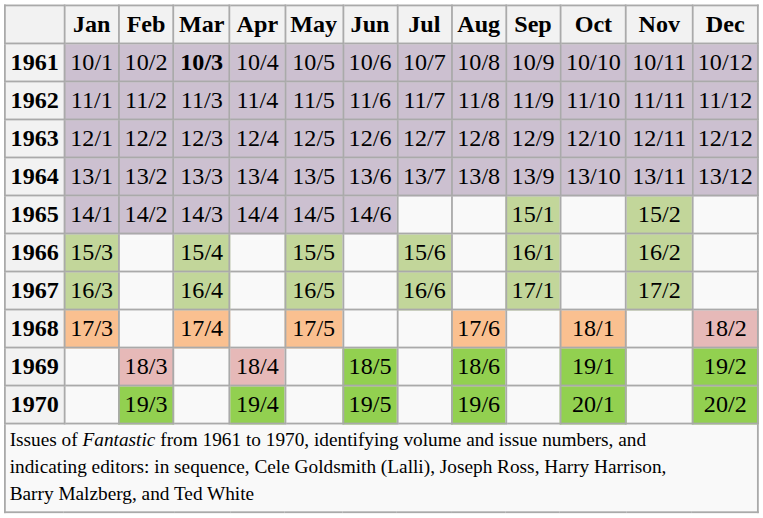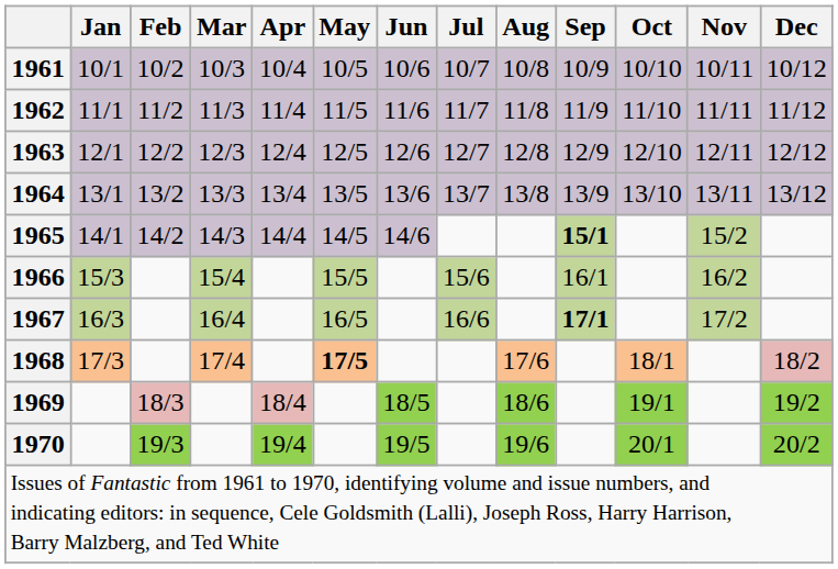 <table class="wikitable" style="font-size: 10pt; line-height: 11pt; margin-right: 2em; text-align: center; float: left">
 <tr>
 <th></th>
 <th>Jan</th>
 <th>Feb</th>
 <th>Mar</th>
 <th>Apr</th>
 <th>May</th>
 <th>Jun</th>
 <th>Jul</th>
 <th>Aug</th>
 <th>Sep</th>
 <th>Oct</th>
 <th>Nov</th>
 <th>Dec</th>
 </tr>
 <tr>
 <th>1961</th>
 <td bgcolor=#ccc0d0>10/1</td>
 <td bgcolor=#ccc0d0>10/2</td>
-<td bgcolor=#ccc0d0><strong>10/3</strong></td>
+<td bgcolor=#ccc0d0>10/3</td>
 <td bgcolor=#ccc0d0>10/4</td>
 <td bgcolor=#ccc0d0>10/5</td>
 <td bgcolor=#ccc0d0>10/6</td>
 <td bgcolor=#ccc0d0>10/7</td>
 <td bgcolor=#ccc0d0>10/8</td>
 <td bgcolor=#ccc0d0>10/9</td>
 <td bgcolor=#ccc0d0>10/10</td>
 <td bgcolor=#ccc0d0>10/11</td>
 <td bgcolor=#ccc0d0>10/12</td>
 </tr>
 <tr>
 <th>1962</th>
 <td bgcolor=#ccc0d0>11/1</td>
 <td bgcolor=#ccc0d0>11/2</td>
 <td bgcolor=#ccc0d0>11/3</td>
 <td bgcolor=#ccc0d0>11/4</td>
 <td bgcolor=#ccc0d0>11/5</td>
 <td bgcolor=#ccc0d0>11/6</td>
 <td bgcolor=#ccc0d0>11/7</td>
 <td bgcolor=#ccc0d0>11/8</td>
 <td bgcolor=#ccc0d0>11/9</td>
 <td bgcolor=#ccc0d0>11/10</td>
 <td bgcolor=#ccc0d0>11/11</td>
 <td bgcolor=#ccc0d0>11/12</td>
 </tr>
 <tr>
 <th>1963</th>
 <td bgcolor=#ccc0d0>12/1</td>
 <td bgcolor=#ccc0d0>12/2</td>
 <td bgcolor=#ccc0d0>12/3</td>
 <td bgcolor=#ccc0d0>12/4</td>
 <td bgcolor=#ccc0d0>12/5</td>
 <td bgcolor=#ccc0d0>12/6</td>
 <td bgcolor=#ccc0d0>12/7</td>
 <td bgcolor=#ccc0d0>12/8</td>
 <td bgcolor=#ccc0d0>12/9</td>
 <td bgcolor=#ccc0d0>12/10</td>
 <td bgcolor=#ccc0d0>12/11</td>
 <td bgcolor=#ccc0d0>12/12</td>
 </tr>
 <tr>
 <th>1964</th>
 <td bgcolor=#ccc0d0>13/1</td>
 <td bgcolor=#ccc0d0>13/2</td>
 <td bgcolor=#ccc0d0>13/3</td>
 <td bgcolor=#ccc0d0>13/4</td>
 <td bgcolor=#ccc0d0>13/5</td>
 <td bgcolor=#ccc0d0>13/6</td>
 <td bgcolor=#ccc0d0>13/7</td>
 <td bgcolor=#ccc0d0>13/8</td>
 <td bgcolor=#ccc0d0>13/9</td>
 <td bgcolor=#ccc0d0>13/10</td>
 <td bgcolor=#ccc0d0>13/11</td>
 <td bgcolor=#ccc0d0>13/12</td>
 </tr>
 <tr>
 <th>1965</th>
 <td bgcolor=#ccc0d0>14/1</td>
 <td bgcolor=#ccc0d0>14/2</td>
 <td bgcolor=#ccc0d0>14/3</td>
 <td bgcolor=#ccc0d0>14/4</td>
 <td bgcolor=#ccc0d0>14/5</td>
 <td bgcolor=#ccc0d0>14/6</td>
 <td></td>
 <td></td>
-<td bgcolor=#c2d69a>15/1</td>
+<td bgcolor=#c2d69a><strong>15/1</strong></td>
 <td></td>
 <td bgcolor=#c2d69a>15/2</td>
 <td></td>
 </tr>
 <tr>
 <th>1966</th>
 <td bgcolor=#c2d69a>15/3</td>
 <td></td>
 <td bgcolor=#c2d69a>15/4</td>
 <td></td>
 <td bgcolor=#c2d69a>15/5</td>
 <td></td>
 <td bgcolor=#c2d69a>15/6</td>
 <td></td>
 <td bgcolor=#c2d69a>16/1</td>
 <td></td>
 <td bgcolor=#c2d69a>16/2</td>
 <td></td>
 </tr>
 <tr>
 <th>1967</th>
 <td bgcolor=#c2d69a>16/3</td>
 <td></td>
 <td bgcolor=#c2d69a>16/4</td>
 <td></td>
 <td bgcolor=#c2d69a>16/5</td>
 <td></td>
 <td bgcolor=#c2d69a>16/6</td>
 <td></td>
-<td bgcolor=#c2d69a>17/1</td>
+<td bgcolor=#c2d69a><strong>17/1</strong></td>
 <td></td>
 <td bgcolor=#c2d69a>17/2</td>
 <td></td>
 </tr>
 <tr>
 <th>1968</th>
 <td bgcolor=#fac090>17/3</td>
 <td></td>
 <td bgcolor=#fac090>17/4</td>
 <td></td>
-<td bgcolor=#fac090>17/5</td>
+<td bgcolor=#fac090><strong>17/5</strong></td>
 <td></td>
 <td></td>
 <td bgcolor=#fac090>17/6</td>
 <td></td>
 <td bgcolor=#fac090>18/1</td>
 <td></td>
 <td bgcolor=#e6b9b8>18/2</td>
 </tr>
 <tr>
 <th>1969</th>
 <td></td>
 <td bgcolor=#e6b9b8>18/3</td>
 <td></td>
 <td bgcolor=#e6b9b8>18/4</td>
 <td></td>
 <td bgcolor=#92d050>18/5</td>
 <td></td>
 <td bgcolor=#92d050>18/6</td>
 <td></td>
 <td bgcolor=#92d050>19/1</td>
 <td></td>
 <td bgcolor=#92d050>19/2</td>
 </tr>
 <tr>
 <th>1970</th>
 <td></td>
 <td bgcolor=#92d050>19/3</td>
 <td></td>
 <td bgcolor=#92d050>19/4</td>
 <td></td>
 <td bgcolor=#92d050>19/5</td>
 <td></td>
 <td bgcolor=#92d050>19/6</td>
 <td></td>
 <td bgcolor=#92d050>20/1</td>
 <td></td>
 <td bgcolor=#92d050>20/2</td>
 </tr>
 <tr>
 <td colspan="13" style="font-size: 8pt; text-align:left">Issues of <em>Fantastic</em> from 1961 to 1970, identifying volume and issue numbers, and<br>indicating editors: in sequence, Cele Goldsmith (Lalli), Joseph Ross, Harry Harrison,<br>Barry Malzberg, and Ted White</td>
 </tr>
 </table>
